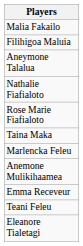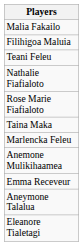 <table class="wikitable" style="width:20%">
 <tr>
 <th>Players</th>
 </tr>
 <tr>
 <td>Malia Fakailo</td>
 </tr>
 <tr>
 <td>Filihigoa Maluia</td>
 </tr>
 <tr>
-<td>Aneymone Talalua</td>
+<td>Teani Feleu</td>
 </tr>
 <tr>
 <td>Nathalie Fiafialoto</td>
 </tr>
 <tr>
 <td>Rose Marie Fiafialoto</td>
 </tr>
 <tr>
 <td>Taina Maka</td>
 </tr>
 <tr>
 <td>Marlencka Feleu</td>
 </tr>
 <tr>
 <td>Anemone Mulikihaamea</td>
 </tr>
 <tr>
 <td>Emma Receveur</td>
 </tr>
 <tr>
-<td>Teani Feleu</td>
+<td>Aneymone Talalua</td>
 </tr>
 <tr>
 <td>Eleanore Tialetagi</td>
 </tr>
 </table>
